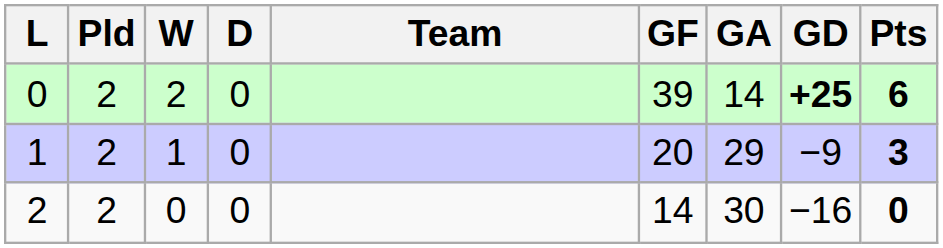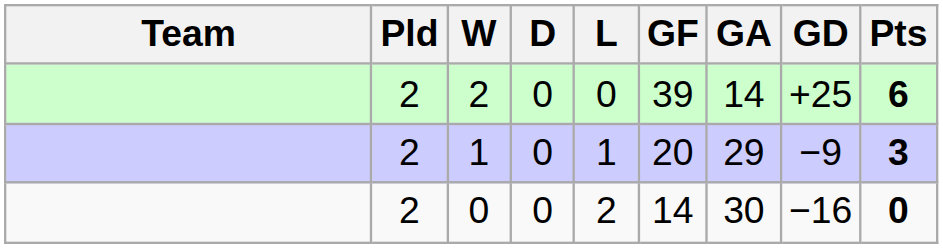 <table class="wikitable" style="text-align:center;">
 <tr>
-<th width=20>L</th>
+<th width=150>Team</th>
 <th width=20>Pld</th>
 <th width=20>W</th>
 <th width=20>D</th>
-<th width=150>Team</th>
+<th width=20>L</th>
 <th width=20>GF</th>
 <th width=20>GA</th>
 <th width=20>GD</th>
 <th width=20>Pts</th>
 </tr>
 <tr bgcolor=ccffcc>
-<td>0</td>
+<td align="left"></td>
 <td>2</td>
 <td>2</td>
 <td>0</td>
-<td align="left"></td>
+<td>0</td>
 <td>39</td>
 <td>14</td>
-<td><strong>+25</strong></td>
+<td>+25</td>
 <td><strong>6</strong></td>
 </tr>
 <tr bgcolor=ccccff>
-<td>1</td>
+<td align="left"></td>
 <td>2</td>
 <td>1</td>
 <td>0</td>
-<td align="left"></td>
+<td>1</td>
 <td>20</td>
 <td>29</td>
 <td>−9</td>
 <td><strong>3</strong></td>
 </tr>
 <tr>
-<td>2</td>
+<td align="left"></td>
 <td>2</td>
 <td>0</td>
 <td>0</td>
-<td align="left"></td>
+<td>2</td>
 <td>14</td>
 <td>30</td>
 <td>−16</td>
 <td><strong>0</strong></td>
 </tr>
 </table>
